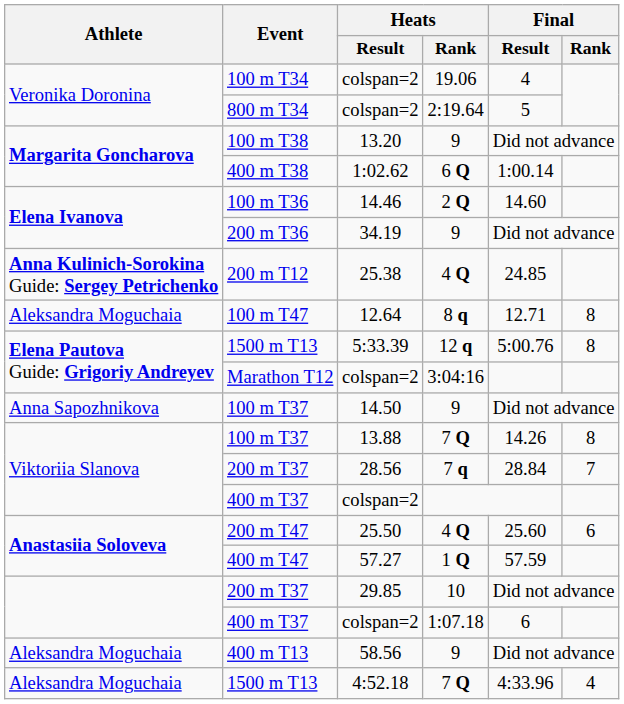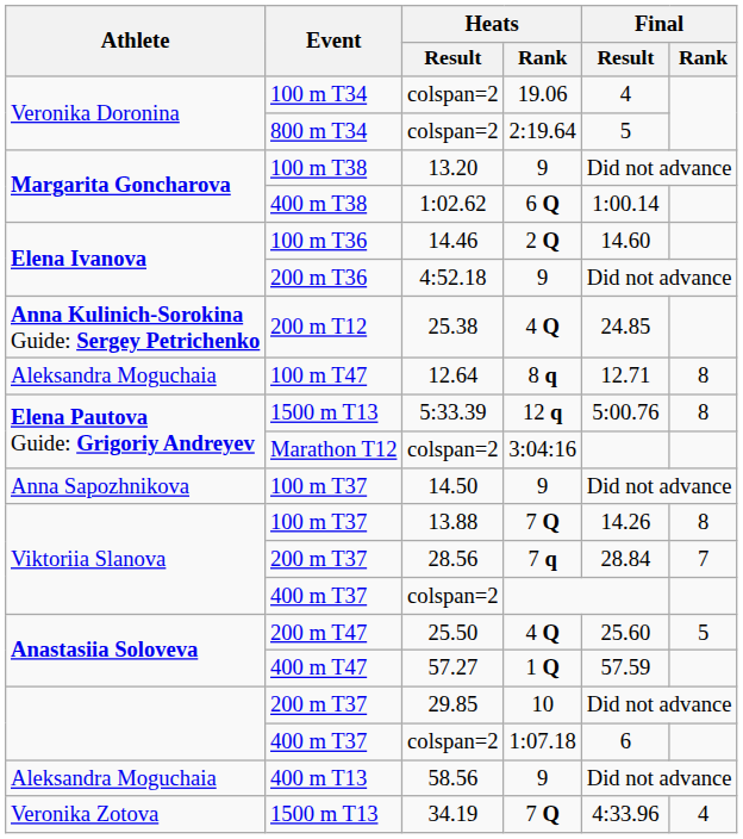 <table class=wikitable style=font-size:90%;text-align:center>
 <tr>
 <th rowspan=2>Athlete</th>
 <th rowspan=2>Event</th>
 <th colspan=2>Heats</th>
 <th colspan=2>Final</th>
 </tr>
 <tr style=font-size:95%>
 <th>Result</th>
 <th>Rank</th>
 <th>Result</th>
 <th>Rank</th>
 </tr>
 <tr>
 <td rowspan=2 align=left><a href='#'>Veronika Doronina</a></td>
 <td align=left><a href='#'>100 m T34</a></td>
 <td>colspan=2 </td>
 <td>19.06</td>
 <td>4</td>
 </tr>
 <tr>
 <td align=left><a href='#'>800 m T34</a></td>
 <td>colspan=2 </td>
 <td>2:19.64</td>
 <td>5</td>
 </tr>
 <tr>
 <td rowspan=2 align=left><strong><a href='#'>Margarita Goncharova</a></strong></td>
 <td align=left><a href='#'>100 m T38</a></td>
 <td>13.20</td>
 <td>9</td>
 <td colspan=2>Did not advance</td>
 </tr>
 <tr>
 <td align=left><a href='#'>400 m T38</a></td>
 <td>1:02.62</td>
 <td>6 <strong>Q</strong></td>
 <td>1:00.14</td>
 <td></td>
 </tr>
 <tr>
 <td rowspan=2 align=left><strong><a href='#'>Elena Ivanova</a></strong></td>
 <td align=left><a href='#'>100 m T36</a></td>
 <td>14.46</td>
 <td>2 <strong>Q</strong></td>
 <td>14.60</td>
 <td></td>
 </tr>
 <tr>
 <td align=left><a href='#'>200 m T36</a></td>
-<td>34.19</td>
+<td>4:52.18</td>
 <td>9</td>
 <td colspan=2>Did not advance</td>
 </tr>
 <tr>
 <td align=left><strong><a href='#'>Anna Kulinich-Sorokina</a></strong><br>Guide: <strong><a href='#'>Sergey Petrichenko</a></strong></td>
 <td align=left><a href='#'>200 m T12</a></td>
 <td>25.38</td>
 <td>4 <strong>Q</strong></td>
 <td>24.85</td>
 <td></td>
 </tr>
 <tr>
 <td align=left><a href='#'>Aleksandra Moguchaia</a></td>
 <td align=left><a href='#'>100 m T47</a></td>
 <td>12.64</td>
 <td>8 <strong>q</strong></td>
 <td>12.71</td>
 <td>8</td>
 </tr>
 <tr>
 <td rowspan=2 align=left><strong><a href='#'>Elena Pautova</a></strong><br>Guide: <strong><a href='#'>Grigoriy Andreyev</a></strong></td>
 <td align=left><a href='#'>1500 m T13</a></td>
 <td>5:33.39</td>
 <td>12 <strong>q</strong></td>
 <td>5:00.76</td>
 <td>8</td>
 </tr>
 <tr>
 <td align=left><a href='#'>Marathon T12</a></td>
 <td>colspan=2 </td>
 <td>3:04:16</td>
 <td></td>
 </tr>
 <tr>
 <td align=left><a href='#'>Anna Sapozhnikova</a></td>
 <td align=left><a href='#'>100 m T37</a></td>
 <td>14.50</td>
 <td>9</td>
 <td colspan=2>Did not advance</td>
 </tr>
 <tr>
 <td rowspan=3 align=left><a href='#'>Viktoriia Slanova</a></td>
 <td align=left><a href='#'>100 m T37</a></td>
 <td>13.88</td>
 <td>7 <strong>Q</strong></td>
 <td>14.26</td>
 <td>8</td>
 </tr>
 <tr>
 <td align=left><a href='#'>200 m T37</a></td>
 <td>28.56</td>
 <td>7 <strong>q</strong></td>
 <td>28.84</td>
 <td>7</td>
 </tr>
 <tr>
 <td align=left><a href='#'>400 m T37</a></td>
 <td>colspan=2 </td>
 <td colspan=2></td>
 </tr>
 <tr>
 <td rowspan=2 align=left><strong><a href='#'>Anastasiia Soloveva</a></strong></td>
 <td align=left><a href='#'>200 m T47</a></td>
 <td>25.50</td>
 <td>4 <strong>Q</strong></td>
 <td>25.60</td>
-<td>6</td>
+<td>5</td>
 </tr>
 <tr>
 <td align=left><a href='#'>400 m T47</a></td>
 <td>57.27</td>
 <td>1 <strong>Q</strong></td>
 <td>57.59</td>
 <td></td>
 </tr>
 <tr>
 <td rowspan=2 align=left></td>
 <td align=left><a href='#'>200 m T37</a></td>
 <td>29.85</td>
 <td>10</td>
 <td colspan=2>Did not advance</td>
 </tr>
 <tr>
 <td align=left><a href='#'>400 m T37</a></td>
 <td>colspan=2 </td>
 <td>1:07.18</td>
 <td>6</td>
 </tr>
 <tr>
 <td align=left><a href='#'>Aleksandra Moguchaia</a></td>
 <td align=left><a href='#'>400 m T13</a></td>
 <td>58.56</td>
 <td>9</td>
 <td colspan=2>Did not advance</td>
 </tr>
 <tr>
-<td align=left><a href='#'>Aleksandra Moguchaia</a></td>
+<td align=left><a href='#'>Veronika Zotova</a></td>
 <td align=left><a href='#'>1500 m T13</a></td>
-<td>4:52.18</td>
+<td>34.19</td>
 <td>7 <strong>Q</strong></td>
 <td>4:33.96</td>
 <td>4</td>
 </tr>
 </table>
